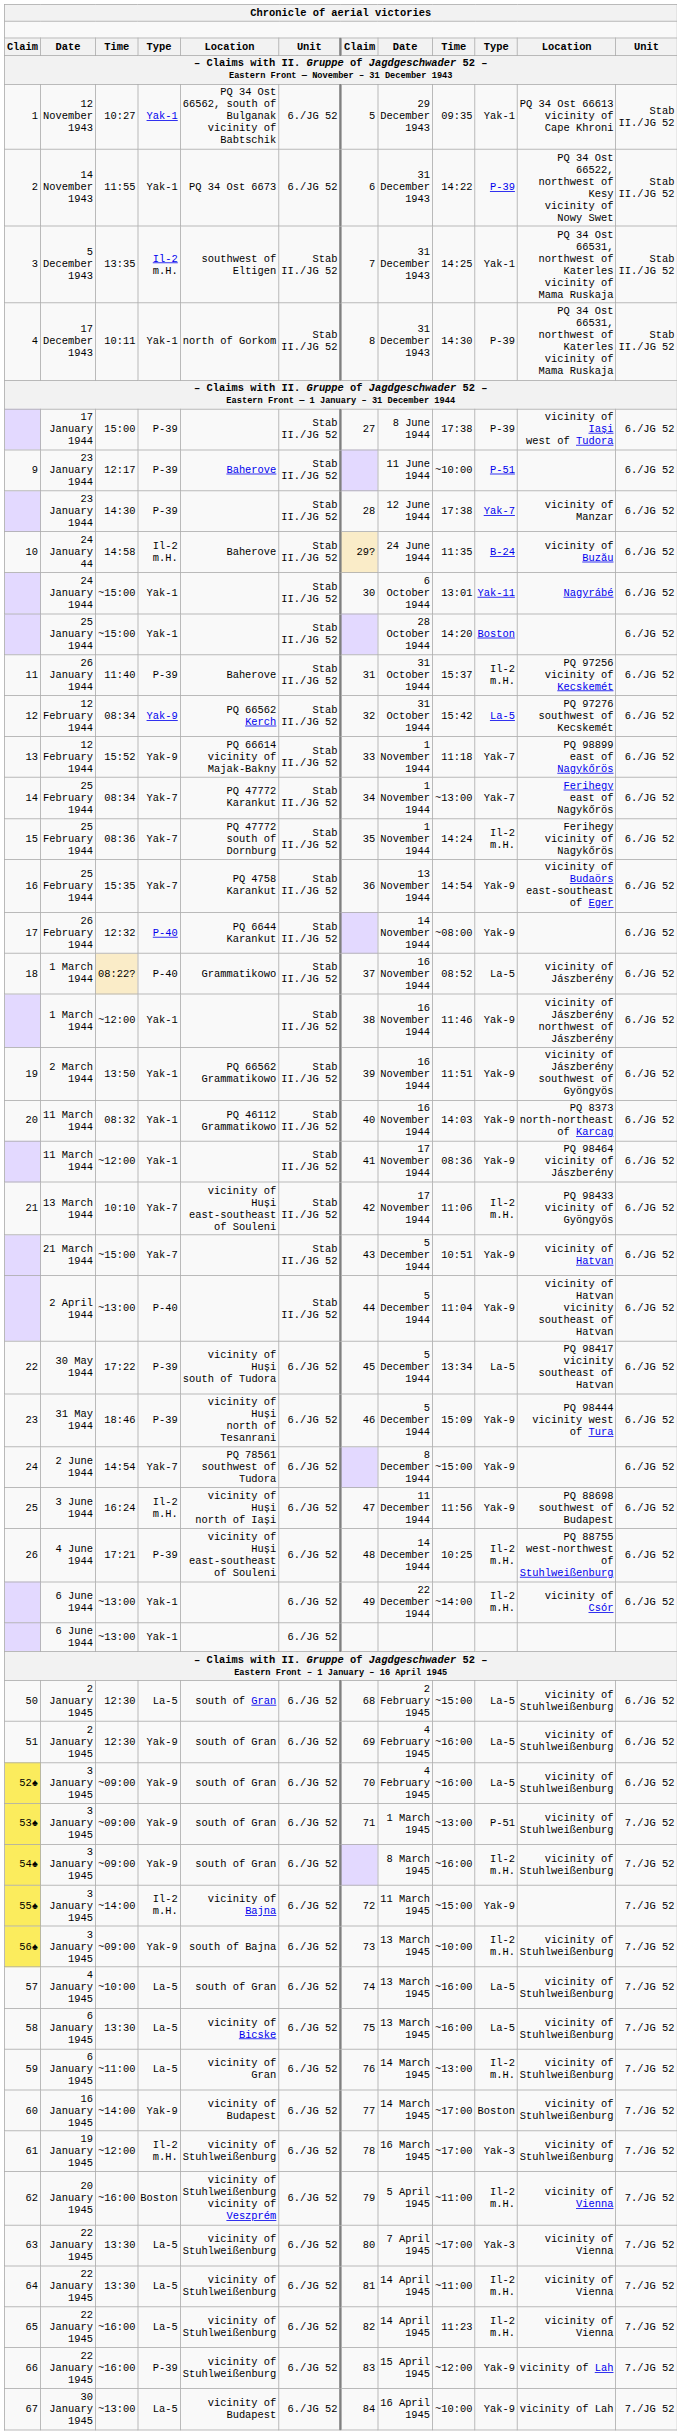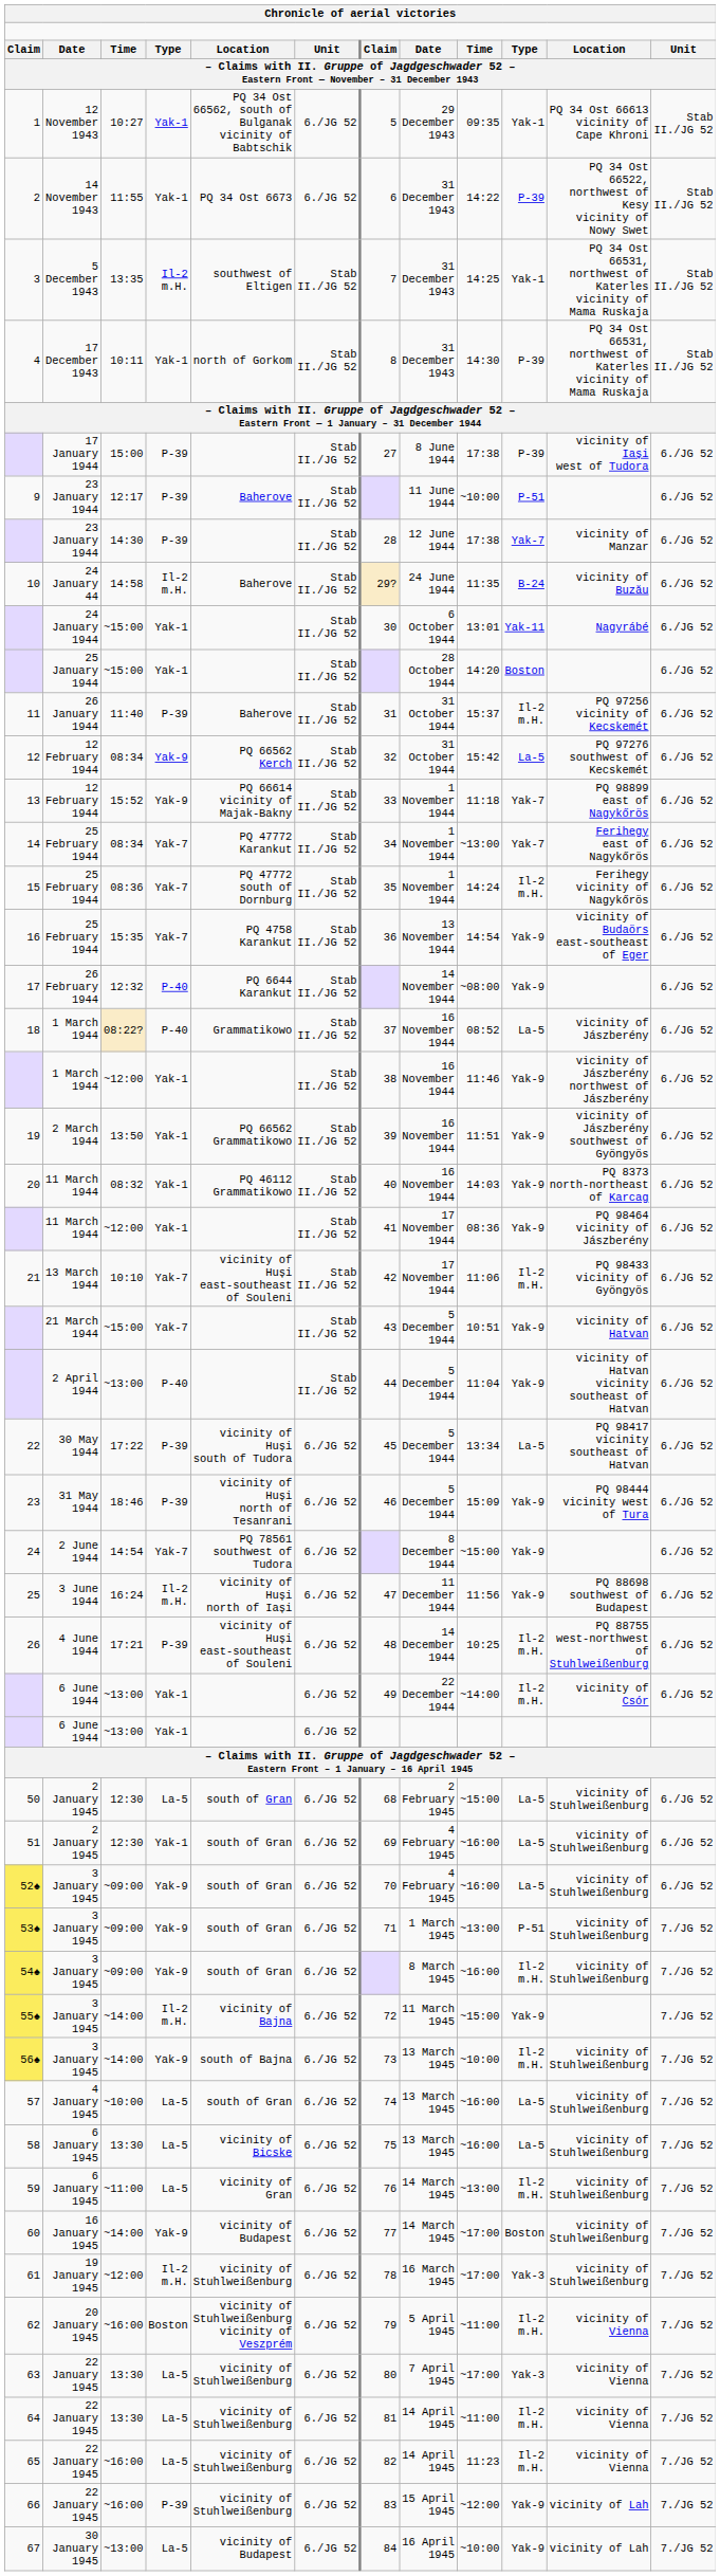 <table class="wikitable plainrowheaders collapsible" style="margin-left: auto; margin-right: auto; border: none; text-align:right; width: 100%;">
 <tr>
 <th colspan="12">Chronicle of aerial victories</th>
 </tr>
 <tr>
 <td colspan="12" style="text-align: left;"><br>  </td>
 </tr>
 <tr>
 <th scope="col">Claim</th>
 <th scope="col">Date</th>
 <th scope="col">Time</th>
 <th scope="col" width="100px">Type</th>
 <th scope="col">Location</th>
 <th scope="col">Unit</th>
 <th scope="col" style="border-left: 3px solid grey;">Claim</th>
 <th scope="col">Date</th>
 <th scope="col">Time</th>
 <th scope="col" width="100px">Type</th>
 <th scope="col">Location</th>
 <th scope="col">Unit</th>
 </tr>
 <tr>
 <th colspan="12">– Claims with II. <em>Gruppe</em> of <em>Jagdgeschwader</em> 52 –<br><small>Eastern Front — November – 31 December 1943</small></th>
 </tr>
 <tr>
 <td>1</td>
 <td>12 November 1943</td>
 <td>10:27</td>
 <td><a href='#'>Yak-1</a></td>
 <td>PQ 34 Ost 66562, south of Bulganak<br>vicinity of Babtschik</td>
 <td>6./JG 52</td>
 <td style="border-left: 3px solid grey;">5</td>
 <td>29 December 1943</td>
 <td>09:35</td>
 <td>Yak-1</td>
 <td>PQ 34 Ost 66613<br>vicinity of Cape Khroni</td>
 <td>Stab II./JG 52</td>
 </tr>
 <tr>
 <td>2</td>
 <td>14 November 1943</td>
 <td>11:55</td>
 <td>Yak-1</td>
 <td>PQ 34 Ost 6673</td>
 <td>6./JG 52</td>
 <td style="border-left: 3px solid grey;">6</td>
 <td>31 December 1943</td>
 <td>14:22</td>
 <td><a href='#'>P-39</a></td>
 <td>PQ 34 Ost 66522, northwest of Kesy<br>vicinity of Nowy Swet</td>
 <td>Stab II./JG 52</td>
 </tr>
 <tr>
 <td>3</td>
 <td>5 December 1943</td>
 <td>13:35</td>
 <td><a href='#'>Il-2</a> m.H.</td>
 <td>southwest of Eltigen</td>
 <td>Stab II./JG 52</td>
 <td style="border-left: 3px solid grey;">7</td>
 <td>31 December 1943</td>
 <td>14:25</td>
 <td>Yak-1</td>
 <td>PQ 34 Ost 66531, northwest of Katerles<br>vicinity of Mama Ruskaja</td>
 <td>Stab II./JG 52</td>
 </tr>
 <tr>
 <td>4</td>
 <td>17 December 1943</td>
 <td>10:11</td>
 <td>Yak-1</td>
 <td>north of Gorkom</td>
 <td>Stab II./JG 52</td>
 <td style="border-left: 3px solid grey;">8</td>
 <td>31 December 1943</td>
 <td>14:30</td>
 <td>P-39</td>
 <td>PQ 34 Ost 66531, northwest of Katerles<br>vicinity of Mama Ruskaja</td>
 <td>Stab II./JG 52</td>
 </tr>
 <tr>
 <th colspan="12">– Claims with II. <em>Gruppe</em> of <em>Jagdgeschwader</em> 52 –<br><small>Eastern Front — 1 January – 31 December 1944</small></th>
 </tr>
 <tr>
 <td style="background:#e3d9ff;"></td>
 <td>17 January 1944</td>
 <td>15:00</td>
 <td>P-39</td>
 <td></td>
 <td>Stab II./JG 52</td>
 <td style="border-left: 3px solid grey;">27</td>
 <td>8 June 1944</td>
 <td>17:38</td>
 <td>P-39</td>
 <td>vicinity of <a href='#'>Iași</a><br> west of <a href='#'>Tudora</a></td>
 <td>6./JG 52</td>
 </tr>
 <tr>
 <td>9</td>
 <td>23 January 1944</td>
 <td>12:17</td>
 <td>P-39</td>
 <td><a href='#'>Baherove</a></td>
 <td>Stab II./JG 52</td>
 <td style="border-left: 3px solid grey; background:#e3d9ff;"></td>
 <td>11 June 1944</td>
 <td>~10:00</td>
 <td><a href='#'>P-51</a></td>
 <td></td>
 <td>6./JG 52</td>
 </tr>
 <tr>
 <td style="background:#e3d9ff;"></td>
 <td>23 January 1944</td>
 <td>14:30</td>
 <td>P-39</td>
 <td></td>
 <td>Stab II./JG 52</td>
 <td style="border-left: 3px solid grey;">28</td>
 <td>12 June 1944</td>
 <td>17:38</td>
 <td><a href='#'>Yak-7</a></td>
 <td>vicinity of Manzar</td>
 <td>6./JG 52</td>
 </tr>
 <tr>
 <td>10</td>
 <td>24 January 44</td>
 <td>14:58</td>
 <td>Il-2 m.H.</td>
 <td>Baherove</td>
 <td>Stab II./JG 52</td>
 <td style="border-left: 3px solid grey; background:#faecc8">29?</td>
 <td>24 June 1944</td>
 <td>11:35</td>
 <td><a href='#'>B-24</a></td>
 <td>vicinity of <a href='#'>Buzău</a></td>
 <td>6./JG 52</td>
 </tr>
 <tr>
 <td style="background:#e3d9ff;"></td>
 <td>24 January 1944</td>
 <td>~15:00</td>
 <td>Yak-1</td>
 <td></td>
 <td>Stab II./JG 52</td>
 <td style="border-left: 3px solid grey;">30</td>
 <td>6 October 1944</td>
 <td>13:01</td>
 <td><a href='#'>Yak-11</a></td>
 <td><a href='#'>Nagyrábé</a></td>
 <td>6./JG 52</td>
 </tr>
 <tr>
 <td style="background:#e3d9ff;"></td>
 <td>25 January 1944</td>
 <td>~15:00</td>
 <td>Yak-1</td>
 <td></td>
 <td>Stab II./JG 52</td>
 <td style="border-left: 3px solid grey; background:#e3d9ff;"></td>
 <td>28 October 1944</td>
 <td>14:20</td>
 <td><a href='#'>Boston</a></td>
 <td></td>
 <td>6./JG 52</td>
 </tr>
 <tr>
 <td>11</td>
 <td>26 January 1944</td>
 <td>11:40</td>
 <td>P-39</td>
 <td>Baherove</td>
 <td>Stab II./JG 52</td>
 <td style="border-left: 3px solid grey;">31</td>
 <td>31 October 1944</td>
 <td>15:37</td>
 <td>Il-2 m.H.</td>
 <td>PQ 97256<br>vicinity of <a href='#'>Kecskemét</a></td>
 <td>6./JG 52</td>
 </tr>
 <tr>
 <td>12</td>
 <td>12 February 1944</td>
 <td>08:34</td>
 <td><a href='#'>Yak-9</a></td>
 <td>PQ 66562<br><a href='#'>Kerch</a></td>
 <td>Stab II./JG 52</td>
 <td style="border-left: 3px solid grey;">32</td>
 <td>31 October 1944</td>
 <td>15:42</td>
 <td><a href='#'>La-5</a></td>
 <td>PQ 97276<br> southwest of Kecskemét</td>
 <td>6./JG 52</td>
 </tr>
 <tr>
 <td>13</td>
 <td>12 February 1944</td>
 <td>15:52</td>
 <td>Yak-9</td>
 <td>PQ 66614<br>vicinity of Majak-Bakny</td>
 <td>Stab II./JG 52</td>
 <td style="border-left: 3px solid grey;">33</td>
 <td>1 November 1944</td>
 <td>11:18</td>
 <td>Yak-7</td>
 <td>PQ 98899<br>east of <a href='#'>Nagykőrös</a></td>
 <td>6./JG 52</td>
 </tr>
 <tr>
 <td>14</td>
 <td>25 February 1944</td>
 <td>08:34</td>
 <td>Yak-7</td>
 <td>PQ 47772<br>Karankut</td>
 <td>Stab II./JG 52</td>
 <td style="border-left: 3px solid grey;">34</td>
 <td>1 November 1944</td>
 <td>~13:00</td>
 <td>Yak-7</td>
 <td><a href='#'>Ferihegy</a><br>east of Nagykőrös</td>
 <td>6./JG 52</td>
 </tr>
 <tr>
 <td>15</td>
 <td>25 February 1944</td>
 <td>08:36</td>
 <td>Yak-7</td>
 <td>PQ 47772<br> south of Dornburg</td>
 <td>Stab II./JG 52</td>
 <td style="border-left: 3px solid grey;">35</td>
 <td>1 November 1944</td>
 <td>14:24</td>
 <td>Il-2 m.H.</td>
 <td>Ferihegy<br>vicinity of Nagykőrös</td>
 <td>6./JG 52</td>
 </tr>
 <tr>
 <td>16</td>
 <td>25 February 1944</td>
 <td>15:35</td>
 <td>Yak-7</td>
 <td>PQ 4758<br>Karankut</td>
 <td>Stab II./JG 52</td>
 <td style="border-left: 3px solid grey;">36</td>
 <td>13 November 1944</td>
 <td>14:54</td>
 <td>Yak-9</td>
 <td>vicinity of <a href='#'>Budaörs</a><br> east-southeast of <a href='#'>Eger</a></td>
 <td>6./JG 52</td>
 </tr>
 <tr>
 <td>17</td>
 <td>26 February 1944</td>
 <td>12:32</td>
 <td><a href='#'>P-40</a></td>
 <td>PQ 6644<br>Karankut</td>
 <td>Stab II./JG 52</td>
 <td style="border-left: 3px solid grey; background:#e3d9ff;"></td>
 <td>14 November 1944</td>
 <td>~08:00</td>
 <td>Yak-9</td>
 <td></td>
 <td>6./JG 52</td>
 </tr>
 <tr>
 <td>18</td>
 <td>1 March 1944</td>
 <td style="background:#faecc8">08:22?</td>
 <td>P-40</td>
 <td>Grammatikowo</td>
 <td>Stab II./JG 52</td>
 <td style="border-left: 3px solid grey;">37</td>
 <td>16 November 1944</td>
 <td>08:52</td>
 <td>La-5</td>
 <td>vicinity of Jászberény</td>
 <td>6./JG 52</td>
 </tr>
 <tr>
 <td style="background:#e3d9ff;"></td>
 <td>1 March 1944</td>
 <td>~12:00</td>
 <td>Yak-1</td>
 <td></td>
 <td>Stab II./JG 52</td>
 <td style="border-left: 3px solid grey;">38</td>
 <td>16 November 1944</td>
 <td>11:46</td>
 <td>Yak-9</td>
 <td>vicinity of Jászberény<br>northwest of Jászberény</td>
 <td>6./JG 52</td>
 </tr>
 <tr>
 <td>19</td>
 <td>2 March 1944</td>
 <td>13:50</td>
 <td>Yak-1</td>
 <td>PQ 66562<br>Grammatikowo</td>
 <td>Stab II./JG 52</td>
 <td style="border-left: 3px solid grey;">39</td>
 <td>16 November 1944</td>
 <td>11:51</td>
 <td>Yak-9</td>
 <td>vicinity of Jászberény<br> southwest of Gyöngyös</td>
 <td>6./JG 52</td>
 </tr>
 <tr>
 <td>20</td>
 <td>11 March 1944</td>
 <td>08:32</td>
 <td>Yak-1</td>
 <td>PQ 46112<br>Grammatikowo</td>
 <td>Stab II./JG 52</td>
 <td style="border-left: 3px solid grey;">40</td>
 <td>16 November 1944</td>
 <td>14:03</td>
 <td>Yak-9</td>
 <td>PQ 8373<br> north-northeast of <a href='#'>Karcag</a></td>
 <td>6./JG 52</td>
 </tr>
 <tr>
 <td style="background:#e3d9ff;"></td>
 <td>11 March 1944</td>
 <td>~12:00</td>
 <td>Yak-1</td>
 <td></td>
 <td>Stab II./JG 52</td>
 <td style="border-left: 3px solid grey;">41</td>
 <td>17 November 1944</td>
 <td>08:36</td>
 <td>Yak-9</td>
 <td>PQ 98464<br>vicinity of Jászberény</td>
 <td>6./JG 52</td>
 </tr>
 <tr>
 <td>21</td>
 <td>13 March 1944</td>
 <td>10:10</td>
 <td>Yak-7</td>
 <td>vicinity of Huși<br> east-southeast of Souleni</td>
 <td>Stab II./JG 52</td>
 <td style="border-left: 3px solid grey;">42</td>
 <td>17 November 1944</td>
 <td>11:06</td>
 <td>Il-2 m.H.</td>
 <td>PQ 98433<br>vicinity of Gyöngyös</td>
 <td>6./JG 52</td>
 </tr>
 <tr>
 <td style="background:#e3d9ff;"></td>
 <td>21 March 1944</td>
 <td>~15:00</td>
 <td>Yak-7</td>
 <td></td>
 <td>Stab II./JG 52</td>
 <td style="border-left: 3px solid grey;">43</td>
 <td>5 December 1944</td>
 <td>10:51</td>
 <td>Yak-9</td>
 <td>vicinity of <a href='#'>Hatvan</a></td>
 <td>6./JG 52</td>
 </tr>
 <tr>
 <td style="background:#e3d9ff;"></td>
 <td>2 April 1944</td>
 <td>~13:00</td>
 <td>P-40</td>
 <td></td>
 <td>Stab II./JG 52</td>
 <td style="border-left: 3px solid grey;">44</td>
 <td>5 December 1944</td>
 <td>11:04</td>
 <td>Yak-9</td>
 <td>vicinity of Hatvan<br>vicinity southeast of Hatvan</td>
 <td>6./JG 52</td>
 </tr>
 <tr>
 <td>22</td>
 <td>30 May 1944</td>
 <td>17:22</td>
 <td>P-39</td>
 <td>vicinity of Huși<br> south of Tudora</td>
 <td>6./JG 52</td>
 <td style="border-left: 3px solid grey;">45</td>
 <td>5 December 1944</td>
 <td>13:34</td>
 <td>La-5</td>
 <td>PQ 98417<br>vicinity southeast of Hatvan</td>
 <td>6./JG 52</td>
 </tr>
 <tr>
 <td>23</td>
 <td>31 May 1944</td>
 <td>18:46</td>
 <td>P-39</td>
 <td>vicinity of Huși<br> north of Tesanrani</td>
 <td>6./JG 52</td>
 <td style="border-left: 3px solid grey;">46</td>
 <td>5 December 1944</td>
 <td>15:09</td>
 <td>Yak-9</td>
 <td>PQ 98444<br>vicinity west of <a href='#'>Tura</a></td>
 <td>6./JG 52</td>
 </tr>
 <tr>
 <td>24</td>
 <td>2 June 1944</td>
 <td>14:54</td>
 <td>Yak-7</td>
 <td>PQ 78561<br> southwest of Tudora</td>
 <td>6./JG 52</td>
 <td style="border-left: 3px solid grey; background:#e3d9ff;"></td>
 <td>8 December 1944</td>
 <td>~15:00</td>
 <td>Yak-9</td>
 <td></td>
 <td>6./JG 52</td>
 </tr>
 <tr>
 <td>25</td>
 <td>3 June 1944</td>
 <td>16:24</td>
 <td>Il-2 m.H.</td>
 <td>vicinity of Huși<br> north of Iași</td>
 <td>6./JG 52</td>
 <td style="border-left: 3px solid grey;">47</td>
 <td>11 December 1944</td>
 <td>11:56</td>
 <td>Yak-9</td>
 <td>PQ 88698<br> southwest of Budapest</td>
 <td>6./JG 52</td>
 </tr>
 <tr>
 <td>26</td>
 <td>4 June 1944</td>
 <td>17:21</td>
 <td>P-39</td>
 <td>vicinity of Huși<br> east-southeast of Souleni</td>
 <td>6./JG 52</td>
 <td style="border-left: 3px solid grey;">48</td>
 <td>14 December 1944</td>
 <td>10:25</td>
 <td>Il-2 m.H.</td>
 <td>PQ 88755<br> west-northwest of <a href='#'>Stuhlweißenburg</a></td>
 <td>6./JG 52</td>
 </tr>
 <tr>
 <td style="background:#e3d9ff;"></td>
 <td>6 June 1944</td>
 <td>~13:00</td>
 <td>Yak-1</td>
 <td></td>
 <td>6./JG 52</td>
 <td style="border-left: 3px solid grey;">49</td>
 <td>22 December 1944</td>
 <td>~14:00</td>
 <td>Il-2 m.H.</td>
 <td>vicinity of <a href='#'>Csór</a></td>
 <td>6./JG 52</td>
 </tr>
 <tr>
 <td style="background:#e3d9ff;"></td>
 <td>6 June 1944</td>
 <td>~13:00</td>
 <td>Yak-1</td>
 <td></td>
 <td>6./JG 52</td>
 <td style="border-left: 3px solid grey;"></td>
 <td></td>
 <td></td>
 <td></td>
 <td></td>
 <td></td>
 </tr>
 <tr>
 <th colspan="12">– Claims with II. <em>Gruppe</em> of <em>Jagdgeschwader</em> 52 –<br><small>Eastern Front – 1 January – 16 April 1945</small></th>
 </tr>
 <tr>
 <td>50</td>
 <td>2 January 1945</td>
 <td>12:30</td>
 <td>La-5</td>
 <td>south of <a href='#'>Gran</a></td>
 <td>6./JG 52</td>
 <td style="border-left: 3px solid grey;">68</td>
 <td>2 February 1945</td>
 <td>~15:00</td>
 <td>La-5</td>
 <td>vicinity of Stuhlweißenburg</td>
 <td>6./JG 52</td>
 </tr>
 <tr>
 <td>51</td>
 <td>2 January 1945</td>
 <td>12:30</td>
-<td>Yak-9</td>
+<td>Yak-1</td>
 <td>south of Gran</td>
 <td>6./JG 52</td>
 <td style="border-left: 3px solid grey;">69</td>
 <td>4 February 1945</td>
 <td>~16:00</td>
 <td>La-5</td>
 <td>vicinity of Stuhlweißenburg</td>
 <td>6./JG 52</td>
 </tr>
 <tr>
 <td style="background:#fbec5d;">52♠</td>
 <td>3 January 1945</td>
 <td>~09:00</td>
 <td>Yak-9</td>
 <td>south of Gran</td>
 <td>6./JG 52</td>
 <td style="border-left: 3px solid grey;">70</td>
 <td>4 February 1945</td>
 <td>~16:00</td>
 <td>La-5</td>
 <td>vicinity of Stuhlweißenburg</td>
 <td>6./JG 52</td>
 </tr>
 <tr>
 <td style="background:#fbec5d;">53♠</td>
 <td>3 January 1945</td>
 <td>~09:00</td>
 <td>Yak-9</td>
 <td>south of Gran</td>
 <td>6./JG 52</td>
 <td style="border-left: 3px solid grey;">71</td>
 <td>1 March 1945</td>
 <td>~13:00</td>
 <td>P-51</td>
 <td>vicinity of Stuhlweißenburg</td>
 <td>7./JG 52</td>
 </tr>
 <tr>
 <td style="background:#fbec5d;">54♠</td>
 <td>3 January 1945</td>
 <td>~09:00</td>
 <td>Yak-9</td>
 <td>south of Gran</td>
 <td>6./JG 52</td>
 <td style="border-left: 3px solid grey; background:#e3d9ff;"></td>
 <td>8 March 1945</td>
 <td>~16:00</td>
 <td>Il-2 m.H.</td>
 <td>vicinity of Stuhlweißenburg</td>
 <td>7./JG 52</td>
 </tr>
 <tr>
 <td style="background:#fbec5d;">55♠</td>
 <td>3 January 1945</td>
 <td>~14:00</td>
 <td>Il-2 m.H.</td>
 <td>vicinity of <a href='#'>Bajna</a></td>
 <td>6./JG 52</td>
 <td style="border-left: 3px solid grey;">72</td>
 <td>11 March 1945</td>
 <td>~15:00</td>
 <td>Yak-9</td>
 <td></td>
 <td>7./JG 52</td>
 </tr>
 <tr>
 <td style="background:#fbec5d;">56♠</td>
 <td>3 January 1945</td>
-<td>~09:00</td>
+<td>~14:00</td>
 <td>Yak-9</td>
 <td>south of Bajna</td>
 <td>6./JG 52</td>
 <td style="border-left: 3px solid grey;">73</td>
 <td>13 March 1945</td>
 <td>~10:00</td>
 <td>Il-2 m.H.</td>
 <td>vicinity of Stuhlweißenburg</td>
 <td>7./JG 52</td>
 </tr>
 <tr>
 <td>57</td>
 <td>4 January 1945</td>
 <td>~10:00</td>
 <td>La-5</td>
 <td>south of Gran</td>
 <td>6./JG 52</td>
 <td style="border-left: 3px solid grey;">74</td>
 <td>13 March 1945</td>
 <td>~16:00</td>
 <td>La-5</td>
 <td>vicinity of Stuhlweißenburg</td>
 <td>7./JG 52</td>
 </tr>
 <tr>
 <td>58</td>
 <td>6 January 1945</td>
 <td>13:30</td>
 <td>La-5</td>
 <td>vicinity of <a href='#'>Bicske</a></td>
 <td>6./JG 52</td>
 <td style="border-left: 3px solid grey;">75</td>
 <td>13 March 1945</td>
 <td>~16:00</td>
 <td>La-5</td>
 <td>vicinity of Stuhlweißenburg</td>
 <td>7./JG 52</td>
 </tr>
 <tr>
 <td>59</td>
 <td>6 January 1945</td>
 <td>~11:00</td>
 <td>La-5</td>
 <td>vicinity of Gran</td>
 <td>6./JG 52</td>
 <td style="border-left: 3px solid grey;">76</td>
 <td>14 March 1945</td>
 <td>~13:00</td>
 <td>Il-2 m.H.</td>
 <td>vicinity of Stuhlweißenburg</td>
 <td>7./JG 52</td>
 </tr>
 <tr>
 <td>60</td>
 <td>16 January 1945</td>
 <td>~14:00</td>
 <td>Yak-9</td>
 <td>vicinity of Budapest</td>
 <td>6./JG 52</td>
 <td style="border-left: 3px solid grey;">77</td>
 <td>14 March 1945</td>
 <td>~17:00</td>
 <td>Boston</td>
 <td>vicinity of Stuhlweißenburg</td>
 <td>7./JG 52</td>
 </tr>
 <tr>
 <td>61</td>
 <td>19 January 1945</td>
 <td>~12:00</td>
 <td>Il-2 m.H.</td>
 <td>vicinity of Stuhlweißenburg</td>
 <td>6./JG 52</td>
 <td style="border-left: 3px solid grey;">78</td>
 <td>16 March 1945</td>
 <td>~17:00</td>
 <td>Yak-3</td>
 <td>vicinity of Stuhlweißenburg</td>
 <td>7./JG 52</td>
 </tr>
 <tr>
 <td>62</td>
 <td>20 January 1945</td>
 <td>~16:00</td>
 <td>Boston</td>
 <td>vicinity of Stuhlweißenburg<br>vicinity of <a href='#'>Veszprém</a></td>
 <td>6./JG 52</td>
 <td style="border-left: 3px solid grey;">79</td>
 <td>5 April 1945</td>
 <td>~11:00</td>
 <td>Il-2 m.H.</td>
 <td>vicinity of <a href='#'>Vienna</a></td>
 <td>7./JG 52</td>
 </tr>
 <tr>
 <td>63</td>
 <td>22 January 1945</td>
 <td>13:30</td>
 <td>La-5</td>
 <td>vicinity of Stuhlweißenburg</td>
 <td>6./JG 52</td>
 <td style="border-left: 3px solid grey;">80</td>
 <td>7 April 1945</td>
 <td>~17:00</td>
 <td>Yak-3</td>
 <td>vicinity of Vienna</td>
 <td>7./JG 52</td>
 </tr>
 <tr>
 <td>64</td>
 <td>22 January 1945</td>
 <td>13:30</td>
 <td>La-5</td>
 <td>vicinity of Stuhlweißenburg</td>
 <td>6./JG 52</td>
 <td style="border-left: 3px solid grey;">81</td>
 <td>14 April 1945</td>
 <td>~11:00</td>
 <td>Il-2 m.H.</td>
 <td>vicinity of Vienna</td>
 <td>7./JG 52</td>
 </tr>
 <tr>
 <td>65</td>
 <td>22 January 1945</td>
 <td>~16:00</td>
 <td>La-5</td>
 <td>vicinity of Stuhlweißenburg</td>
 <td>6./JG 52</td>
 <td style="border-left: 3px solid grey;">82</td>
 <td>14 April 1945</td>
 <td>11:23</td>
 <td>Il-2 m.H.</td>
 <td>vicinity of Vienna</td>
 <td>7./JG 52</td>
 </tr>
 <tr>
 <td>66</td>
 <td>22 January 1945</td>
 <td>~16:00</td>
 <td>P-39</td>
 <td>vicinity of Stuhlweißenburg</td>
 <td>6./JG 52</td>
 <td style="border-left: 3px solid grey;">83</td>
 <td>15 April 1945</td>
 <td>~12:00</td>
 <td>Yak-9</td>
 <td>vicinity of <a href='#'>Lah</a></td>
 <td>7./JG 52</td>
 </tr>
 <tr>
 <td>67</td>
 <td>30 January 1945</td>
 <td>~13:00</td>
 <td>La-5</td>
 <td>vicinity of Budapest</td>
 <td>6./JG 52</td>
 <td style="border-left: 3px solid grey;">84</td>
 <td>16 April 1945</td>
 <td>~10:00</td>
 <td>Yak-9</td>
 <td>vicinity of Lah</td>
 <td>7./JG 52</td>
 </tr>
 </table>
